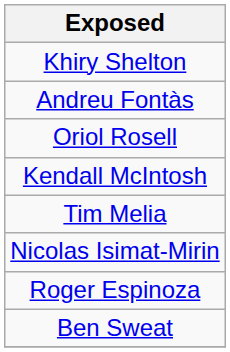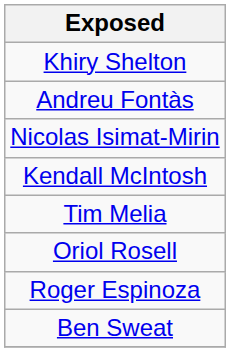 <table class="wikitable" style="text-align:center">
 <tr>
 <th>Exposed</th>
 </tr>
 <tr>
 <td><a href='#'>Khiry Shelton</a></td>
 </tr>
 <tr>
 <td><a href='#'>Andreu Fontàs</a></td>
 </tr>
 <tr>
-<td><a href='#'>Oriol Rosell</a></td>
+<td><a href='#'>Nicolas Isimat-Mirin</a></td>
 </tr>
 <tr>
 <td><a href='#'>Kendall McIntosh</a></td>
 </tr>
 <tr>
 <td><a href='#'>Tim Melia</a></td>
 </tr>
 <tr>
-<td><a href='#'>Nicolas Isimat-Mirin</a></td>
+<td><a href='#'>Oriol Rosell</a></td>
 </tr>
 <tr>
 <td><a href='#'>Roger Espinoza</a></td>
 </tr>
 <tr>
 <td><a href='#'>Ben Sweat</a></td>
 </tr>
 <tr>
 </tr>
 </table>
